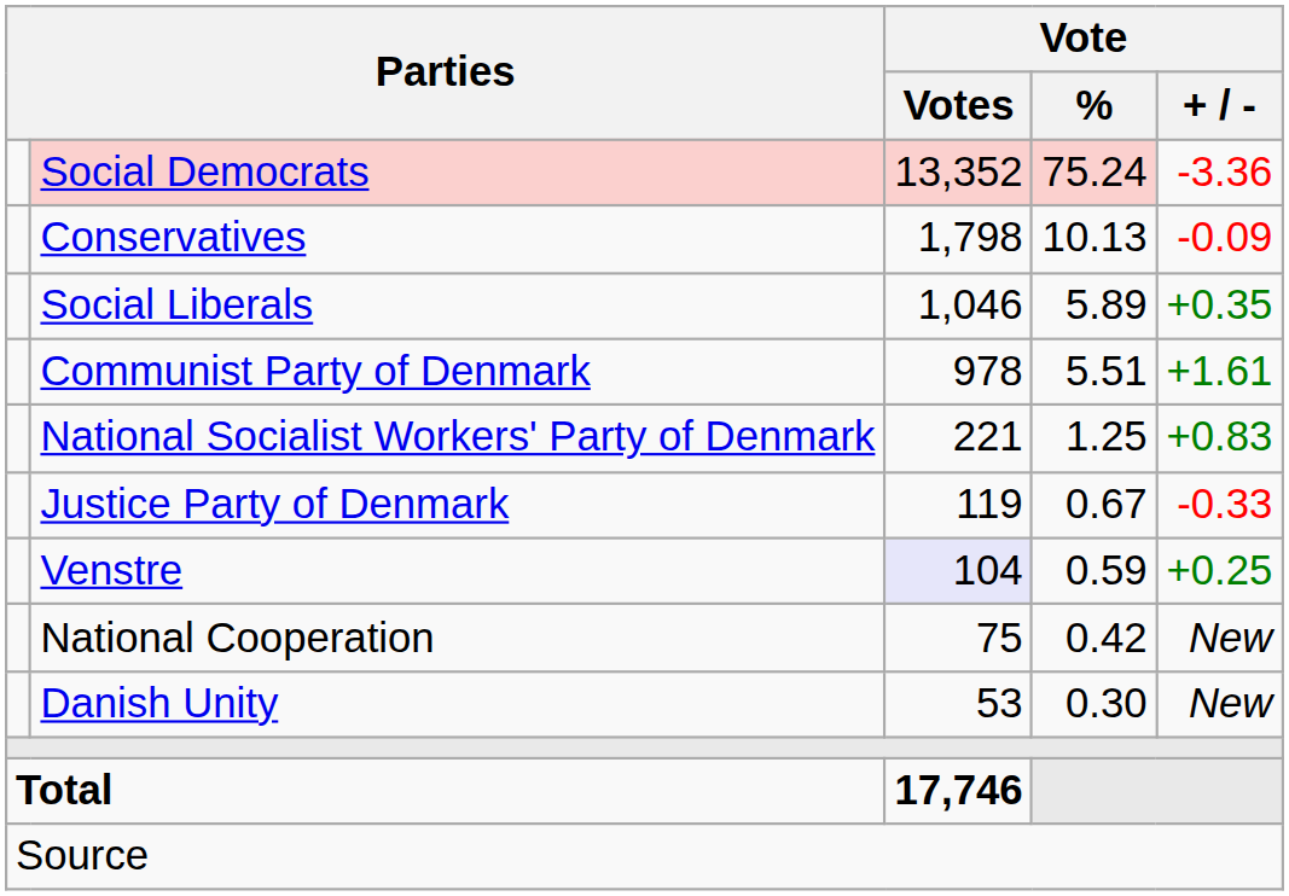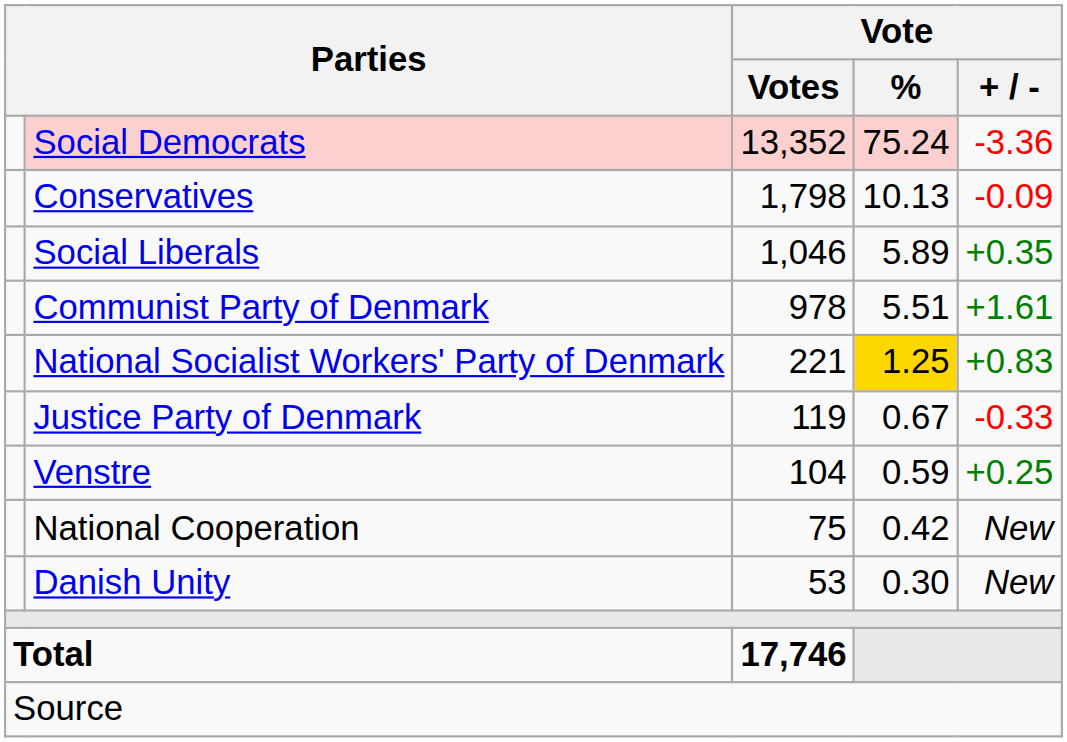 <table class="wikitable" style="text-align:right;">
 <tr>
 <th style="text-align:centre;" rowspan="2" colspan="2" width="225">Parties</th>
 <th colspan="3">Vote</th>
 </tr>
 <tr>
 <th width="15">Votes</th>
 <th width="15">%</th>
 <th width="15">+ / -</th>
 </tr>
 <tr>
 <td width="2" style="color:inherit;background:"></td>
 <td bgcolor=#fbd0ce  align="left"><a href='#'>Social Democrats</a></td>
 <td bgcolor=#fbd0ce>13,352</td>
 <td bgcolor=#fbd0ce>75.24</td>
 <td style=color:red;>-3.36</td>
 </tr>
 <tr>
 <td width="2" style="color:inherit;background:"></td>
 <td align="left"><a href='#'>Conservatives</a></td>
 <td>1,798</td>
 <td>10.13</td>
 <td style=color:red;>-0.09</td>
 </tr>
 <tr>
 <td width="2" style="color:inherit;background:"></td>
 <td align="left"><a href='#'>Social Liberals</a></td>
 <td>1,046</td>
 <td>5.89</td>
 <td style=color:green;>+0.35</td>
 </tr>
 <tr>
 <td width="2" style="color:inherit;background:"></td>
 <td align="left"><a href='#'>Communist Party of Denmark</a></td>
 <td>978</td>
 <td>5.51</td>
 <td style=color:green;>+1.61</td>
 </tr>
 <tr>
 <td width="2" style="color:inherit;background:"></td>
 <td align="left"><a href='#'>National Socialist Workers' Party of Denmark</a></td>
 <td>221</td>
-<td>1.25</td>
+<td style="background: gold;">1.25</td>
 <td style=color:green;>+0.83</td>
 </tr>
 <tr>
 <td width="2" style="color:inherit;background:"></td>
 <td align="left"><a href='#'>Justice Party of Denmark</a></td>
 <td>119</td>
 <td>0.67</td>
 <td style=color:red;>-0.33</td>
 </tr>
 <tr>
 <td width="2" style="color:inherit;background:"></td>
 <td align="left"><a href='#'>Venstre</a></td>
-<td style="background: lavender;">104</td>
+<td>104</td>
 <td>0.59</td>
 <td style=color:green;>+0.25</td>
 </tr>
 <tr>
 <td width="2" style="color:inherit;background:"></td>
 <td align="left">National Cooperation</td>
 <td>75</td>
 <td>0.42</td>
 <td><em>New</em></td>
 </tr>
 <tr>
 <td width="2" style="color:inherit;background:"></td>
 <td align="left"><a href='#'>Danish Unity</a></td>
 <td>53</td>
 <td>0.30</td>
 <td><em>New</em></td>
 </tr>
 <tr>
 <td colspan="7" bgcolor="#E9E9E9"></td>
 </tr>
 <tr>
 <td align="left" colspan="2"><strong>Total</strong></td>
 <td><strong>17,746</strong></td>
 <td bgcolor="#E9E9E9" colspan="2"></td>
 </tr>
 <tr>
 <td align="left" colspan="6">Source</td>
 </tr>
 </table>
